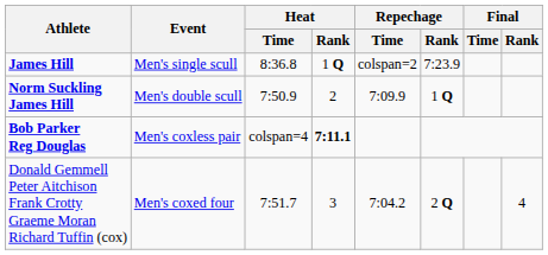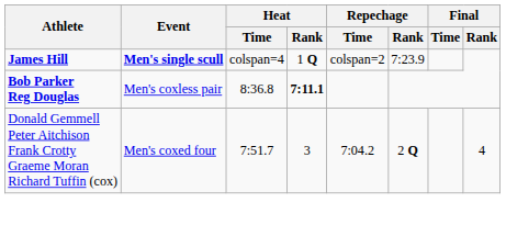 <table class=wikitable style="font-size:90%;text-align:center">
 <tr>
 <th rowspan=2>Athlete</th>
 <th rowspan=2>Event</th>
 <th colspan=2>Heat</th>
 <th colspan=2>Repechage</th>
 <th colspan=2>Final</th>
 </tr>
 <tr>
 <th>Time</th>
 <th>Rank</th>
 <th>Time</th>
 <th>Rank</th>
 <th>Time</th>
 <th>Rank</th>
 </tr>
 <tr>
 <td style="text-align:left;"><strong><a href='#'>James Hill</a></strong></td>
-<td style="text-align:left;"><a href='#'>Men's single scull</a></td>
-<td>8:36.8</td>
+<td style="text-align:left;"><strong><a href='#'>Men's single scull</a></strong></td>
+<td>colspan=4 </td>
 <td>1 <strong>Q</strong></td>
 <td>colspan=2 </td>
 <td>7:23.9</td>
 <td></td>
 </tr>
 <tr>
-<td style="text-align:left;"><strong><a href='#'>Norm Suckling</a><br><a href='#'>James Hill</a></strong></td>
-<td style="text-align:left;"><a href='#'>Men's double scull</a></td>
-<td>7:50.9</td>
-<td>2</td>
-<td>7:09.9</td>
-<td>1 <strong>Q</strong></td>
-<td></td>
-<td></td>
-</tr>
-<tr>
 <td style="text-align:left;"><strong><a href='#'>Bob Parker</a><br><a href='#'>Reg Douglas</a></strong></td>
 <td style="text-align:left;"><a href='#'>Men's coxless pair</a></td>
-<td>colspan=4 </td>
+<td>8:36.8</td>
 <td><strong>7:11.1</strong></td>
 <td></td>
 </tr>
 <tr>
 <td style="text-align:left;"><a href='#'>Donald Gemmell</a><br><a href='#'>Peter Aitchison</a><br><a href='#'>Frank Crotty</a><br><a href='#'>Graeme Moran</a><br><a href='#'>Richard Tuffin</a> (cox)</td>
 <td style="text-align:left;"><a href='#'>Men's coxed four</a></td>
 <td>7:51.7</td>
 <td>3</td>
 <td>7:04.2</td>
 <td>2 <strong>Q</strong></td>
 <td></td>
 <td>4</td>
 </tr>
 </table>
